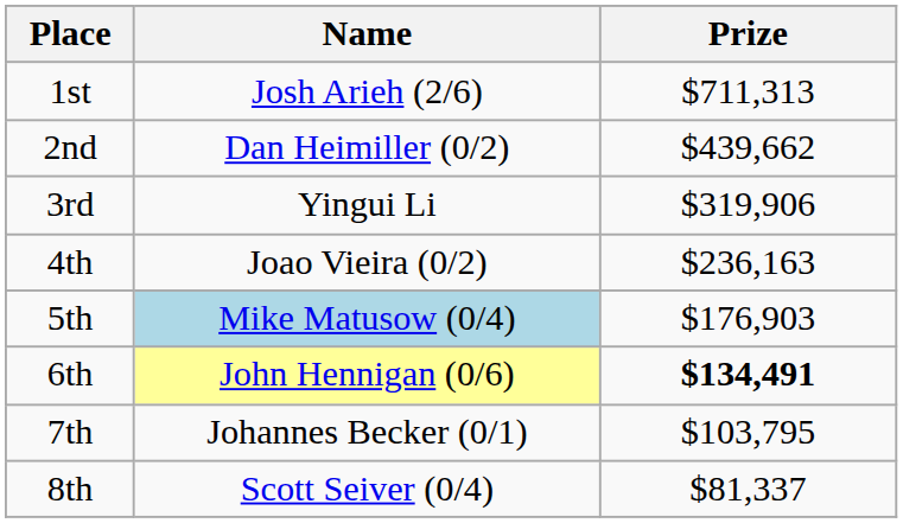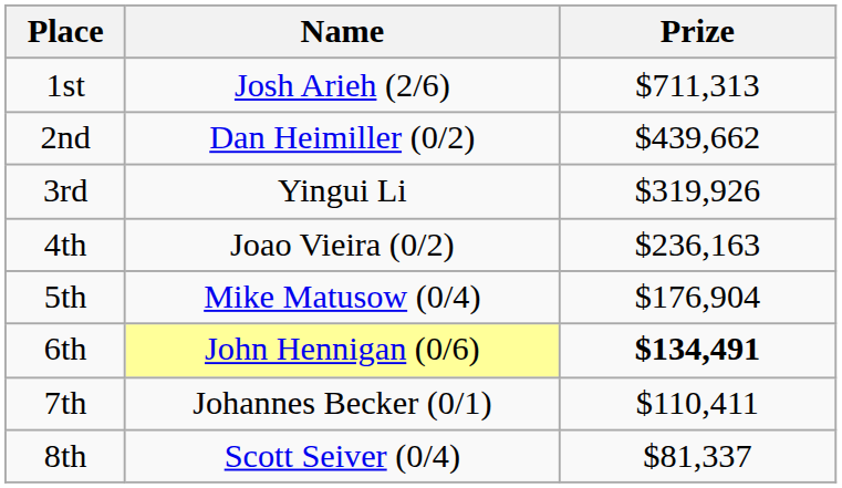 <table class="wikitable">
 <tr>
 <th width="50">Place</th>
 <th width="200">Name</th>
 <th width="125">Prize</th>
 </tr>
 <tr>
 <td align = "center">1st</td>
 <td align = "center"> <a href='#'>Josh Arieh</a> (2/6)</td>
 <td align = "center">$711,313</td>
 </tr>
 <tr>
 <td align = "center">2nd</td>
 <td align = "center"> <a href='#'>Dan Heimiller</a> (0/2)</td>
 <td align = "center">$439,662</td>
 </tr>
 <tr>
 <td align = "center">3rd</td>
 <td align = "center"> Yingui Li</td>
-<td align = "center">$319,906</td>
+<td align = "center">$319,926</td>
 </tr>
 <tr>
 <td align = "center">4th</td>
 <td align = "center"> Joao Vieira (0/2)</td>
 <td align = "center">$236,163</td>
 </tr>
 <tr>
 <td align = "center">5th</td>
-<td align = "center" style="background: lightblue;"> <a href='#'>Mike Matusow</a> (0/4)</td>
-<td align = "center">$176,903</td>
+<td align = "center"> <a href='#'>Mike Matusow</a> (0/4)</td>
+<td align = "center">$176,904</td>
 </tr>
 <tr>
 <td align = "center">6th</td>
 <td align="center" style="background-color:#FFFF99;"> <a href='#'>John Hennigan</a> (0/6)</td>
 <td align = "center"><strong>$134,491</strong></td>
 </tr>
 <tr>
 <td align = "center">7th</td>
 <td align = "center"> Johannes Becker (0/1)</td>
-<td align = "center">$103,795</td>
+<td align = "center">$110,411</td>
 </tr>
 <tr>
 <td align = "center">8th</td>
 <td align = "center"> <a href='#'>Scott Seiver</a> (0/4)</td>
 <td align = "center">$81,337</td>
 </tr>
 </table>
